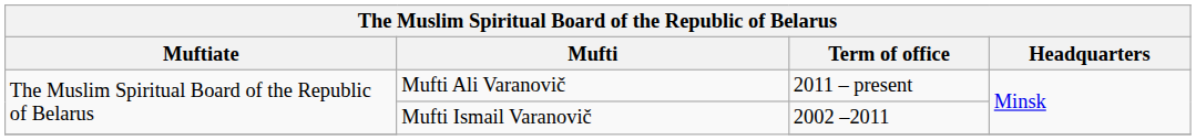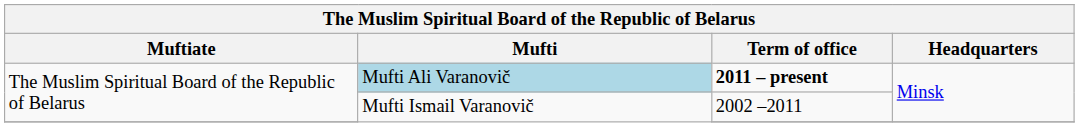 <table class=wikitable>
 <tr>
 <th colspan=4 align=center><strong>The Muslim Spiritual Board of the Republic of Belarus</strong></th>
 </tr>
 <tr>
 <th scope="row" width="300">Muftiate</th>
 <th scope="row" width="300">Mufti</th>
 <th scope="row" width="150">Term of office</th>
 <th scope="row" width="150">Headquarters</th>
 </tr>
 <tr>
 <td rowspan= "2">The Muslim Spiritual Board of the Republic of Belarus</td>
-<td>Mufti Ali Varanovič</td>
-<td>2011 – present</td>
+<td style="background: lightblue;">Mufti Ali Varanovič</td>
+<td><strong>2011 – present</strong></td>
 <td rowspan= "2"><a href='#'>Minsk</a></td>
 </tr>
 <tr>
 <td rowspan= "2">Mufti Ismail Varanovič</td>
 <td>2002 –2011</td>
 </tr>
 <tr>
 </tr>
 </table>
